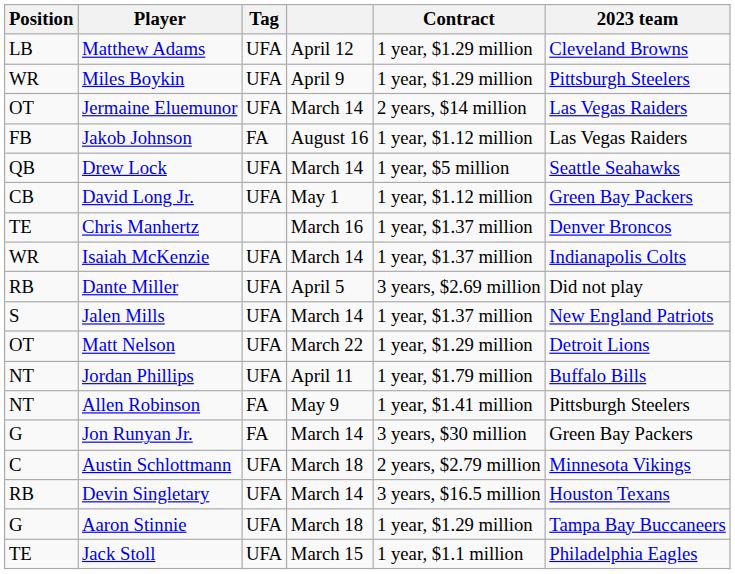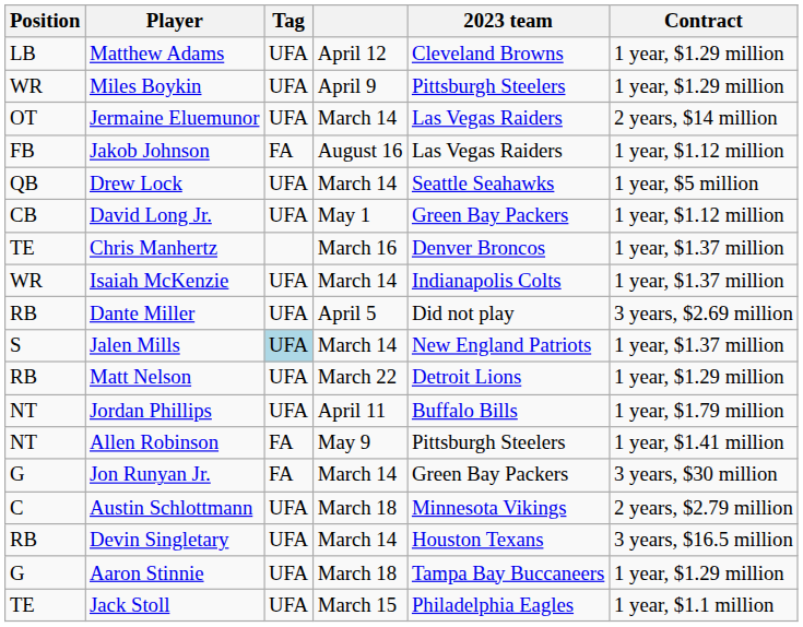 <table class="wikitable">
 <tr>
 <th>Position</th>
 <th>Player</th>
 <th>Tag</th>
 <th></th>
+<th>2023 team</th>
 <th>Contract</th>
-<th>2023 team</th>
 </tr>
 <tr>
 <td>LB</td>
 <td><a href='#'>Matthew Adams</a></td>
 <td>UFA</td>
 <td>April 12</td>
+<td><a href='#'>Cleveland Browns</a></td>
 <td>1 year, $1.29 million</td>
-<td><a href='#'>Cleveland Browns</a></td>
 </tr>
 <tr>
 <td>WR</td>
 <td><a href='#'>Miles Boykin</a></td>
 <td>UFA</td>
 <td>April 9</td>
+<td><a href='#'>Pittsburgh Steelers</a></td>
 <td>1 year, $1.29 million</td>
-<td><a href='#'>Pittsburgh Steelers</a></td>
 </tr>
 <tr>
 <td>OT</td>
 <td><a href='#'>Jermaine Eluemunor</a></td>
 <td>UFA</td>
 <td>March 14</td>
+<td><a href='#'>Las Vegas Raiders</a></td>
 <td>2 years, $14 million</td>
-<td><a href='#'>Las Vegas Raiders</a></td>
 </tr>
 <tr>
 <td>FB</td>
 <td><a href='#'>Jakob Johnson</a></td>
 <td>FA</td>
 <td>August 16</td>
+<td>Las Vegas Raiders</td>
 <td>1 year, $1.12 million</td>
-<td>Las Vegas Raiders</td>
 </tr>
 <tr>
 <td>QB</td>
 <td><a href='#'>Drew Lock</a></td>
 <td>UFA</td>
 <td>March 14</td>
+<td><a href='#'>Seattle Seahawks</a></td>
 <td>1 year, $5 million</td>
-<td><a href='#'>Seattle Seahawks</a></td>
 </tr>
 <tr>
 <td>CB</td>
 <td><a href='#'>David Long Jr.</a></td>
 <td>UFA</td>
 <td>May 1</td>
+<td><a href='#'>Green Bay Packers</a></td>
 <td>1 year, $1.12 million</td>
-<td><a href='#'>Green Bay Packers</a></td>
 </tr>
 <tr>
 <td>TE</td>
 <td><a href='#'>Chris Manhertz</a></td>
 <td></td>
 <td>March 16</td>
+<td><a href='#'>Denver Broncos</a></td>
 <td>1 year, $1.37 million</td>
-<td><a href='#'>Denver Broncos</a></td>
 </tr>
 <tr>
 <td>WR</td>
 <td><a href='#'>Isaiah McKenzie</a></td>
 <td>UFA</td>
 <td>March 14</td>
+<td><a href='#'>Indianapolis Colts</a></td>
 <td>1 year, $1.37 million</td>
-<td><a href='#'>Indianapolis Colts</a></td>
 </tr>
 <tr>
 <td>RB</td>
 <td><a href='#'>Dante Miller</a></td>
 <td>UFA</td>
 <td>April 5</td>
+<td>Did not play</td>
 <td>3 years, $2.69 million</td>
-<td>Did not play</td>
 </tr>
 <tr>
 <td>S</td>
 <td><a href='#'>Jalen Mills</a></td>
-<td>UFA</td>
+<td style="background: lightblue;">UFA</td>
 <td>March 14</td>
+<td><a href='#'>New England Patriots</a></td>
 <td>1 year, $1.37 million</td>
-<td><a href='#'>New England Patriots</a></td>
 </tr>
 <tr>
-<td>OT</td>
+<td>RB</td>
 <td><a href='#'>Matt Nelson</a></td>
 <td>UFA</td>
 <td>March 22</td>
+<td><a href='#'>Detroit Lions</a></td>
 <td>1 year, $1.29 million</td>
-<td><a href='#'>Detroit Lions</a></td>
 </tr>
 <tr>
 <td>NT</td>
 <td><a href='#'>Jordan Phillips</a></td>
 <td>UFA</td>
 <td>April 11</td>
+<td><a href='#'>Buffalo Bills</a></td>
 <td>1 year, $1.79 million</td>
-<td><a href='#'>Buffalo Bills</a></td>
 </tr>
 <tr>
 <td>NT</td>
 <td><a href='#'>Allen Robinson</a></td>
 <td>FA</td>
 <td>May 9</td>
+<td>Pittsburgh Steelers</td>
 <td>1 year, $1.41 million</td>
-<td>Pittsburgh Steelers</td>
 </tr>
 <tr>
 <td>G</td>
 <td><a href='#'>Jon Runyan Jr.</a></td>
 <td>FA</td>
 <td>March 14</td>
+<td>Green Bay Packers</td>
 <td>3 years, $30 million</td>
-<td>Green Bay Packers</td>
 </tr>
 <tr>
 <td>C</td>
 <td><a href='#'>Austin Schlottmann</a></td>
 <td>UFA</td>
 <td>March 18</td>
+<td><a href='#'>Minnesota Vikings</a></td>
 <td>2 years, $2.79 million</td>
-<td><a href='#'>Minnesota Vikings</a></td>
 </tr>
 <tr>
 <td>RB</td>
 <td><a href='#'>Devin Singletary</a></td>
 <td>UFA</td>
 <td>March 14</td>
+<td><a href='#'>Houston Texans</a></td>
 <td>3 years, $16.5 million</td>
-<td><a href='#'>Houston Texans</a></td>
 </tr>
 <tr>
 <td>G</td>
 <td><a href='#'>Aaron Stinnie</a></td>
 <td>UFA</td>
 <td>March 18</td>
+<td><a href='#'>Tampa Bay Buccaneers</a></td>
 <td>1 year, $1.29 million</td>
-<td><a href='#'>Tampa Bay Buccaneers</a></td>
 </tr>
 <tr>
 <td>TE</td>
 <td><a href='#'>Jack Stoll</a></td>
 <td>UFA</td>
 <td>March 15</td>
+<td><a href='#'>Philadelphia Eagles</a></td>
 <td>1 year, $1.1 million</td>
-<td><a href='#'>Philadelphia Eagles</a></td>
 </tr>
 </table>
